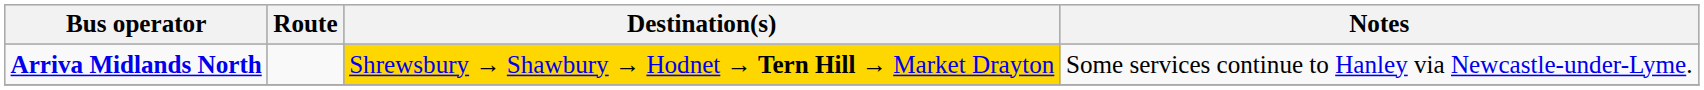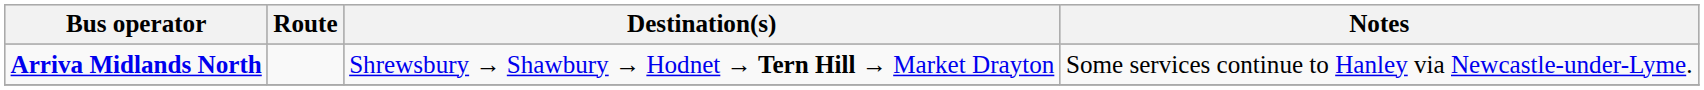 <table class="wikitable">
 <tr>
 <th>Bus operator</th>
 <th>Route</th>
 <th>Destination(s)</th>
 <th>Notes</th>
 </tr>
 <tr>
 <td><strong><a href='#'>Arriva Midlands North</a></strong></td>
 <td><strong></strong></td>
-<td style="background: gold;"><a href='#'>Shrewsbury</a> → <a href='#'>Shawbury</a> → <a href='#'>Hodnet</a> → <strong>Tern Hill</strong> → <a href='#'>Market Drayton</a></td>
+<td><a href='#'>Shrewsbury</a> → <a href='#'>Shawbury</a> → <a href='#'>Hodnet</a> → <strong>Tern Hill</strong> → <a href='#'>Market Drayton</a></td>
 <td>Some services continue to <a href='#'>Hanley</a> via <a href='#'>Newcastle-under-Lyme</a>.</td>
 </tr>
 <tr>
 </tr>
 </table>
